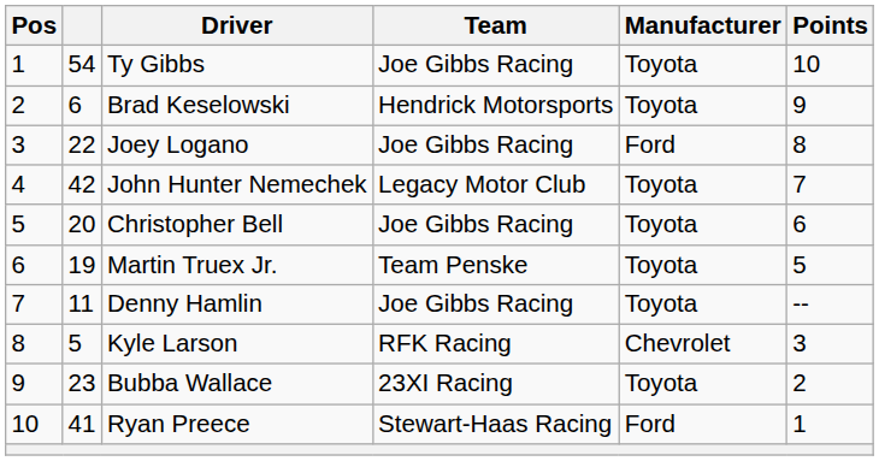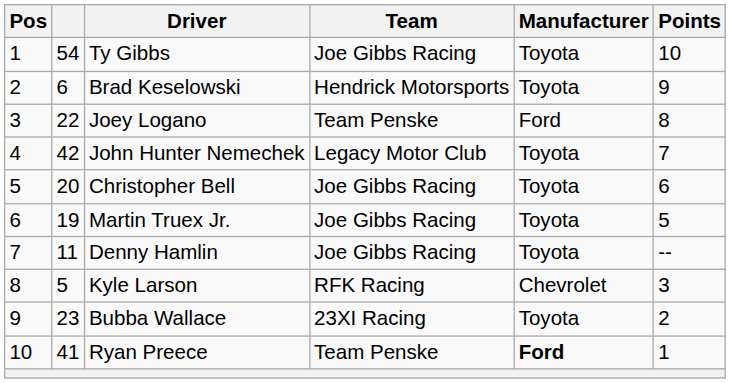 <table class="wikitable" style="font-size:98%">
 <tr>
 <th>Pos</th>
 <th></th>
 <th>Driver</th>
 <th>Team</th>
 <th>Manufacturer</th>
 <th>Points</th>
 </tr>
 <tr>
 <td>1</td>
 <td>54</td>
 <td>Ty Gibbs</td>
 <td>Joe Gibbs Racing</td>
 <td>Toyota</td>
 <td>10</td>
 </tr>
 <tr>
 <td>2</td>
 <td>6</td>
 <td>Brad Keselowski</td>
 <td>Hendrick Motorsports</td>
 <td>Toyota</td>
 <td>9</td>
 </tr>
 <tr>
 <td>3</td>
 <td>22</td>
 <td>Joey Logano</td>
-<td>Joe Gibbs Racing</td>
+<td>Team Penske</td>
 <td>Ford</td>
 <td>8</td>
 </tr>
 <tr>
 <td>4</td>
 <td>42</td>
 <td>John Hunter Nemechek</td>
 <td>Legacy Motor Club</td>
 <td>Toyota</td>
 <td>7</td>
 </tr>
 <tr>
 <td>5</td>
 <td>20</td>
 <td>Christopher Bell</td>
 <td>Joe Gibbs Racing</td>
 <td>Toyota</td>
 <td>6</td>
 </tr>
 <tr>
 <td>6</td>
 <td>19</td>
 <td>Martin Truex Jr.</td>
-<td>Team Penske</td>
+<td>Joe Gibbs Racing</td>
 <td>Toyota</td>
 <td>5</td>
 </tr>
 <tr>
 <td>7</td>
 <td>11</td>
 <td>Denny Hamlin</td>
 <td>Joe Gibbs Racing</td>
 <td>Toyota</td>
 <td>--</td>
 </tr>
 <tr>
 <td>8</td>
 <td>5</td>
 <td>Kyle Larson</td>
 <td>RFK Racing</td>
 <td>Chevrolet</td>
 <td>3</td>
 </tr>
 <tr>
 <td>9</td>
 <td>23</td>
 <td>Bubba Wallace</td>
 <td>23XI Racing</td>
 <td>Toyota</td>
 <td>2</td>
 </tr>
 <tr>
 <td>10</td>
 <td>41</td>
 <td>Ryan Preece</td>
-<td>Stewart-Haas Racing</td>
-<td>Ford</td>
+<td>Team Penske</td>
+<td><strong>Ford</strong></td>
 <td>1</td>
 </tr>
 <tr>
 <th colspan="6"></th>
 </tr>
 </table>
